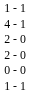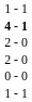 <table cellspacing=1 width=85%>
 <tr>
 <th width=15%></th>
 <th width=25%></th>
 <th width=10%></th>
 <th width=25%></th>
 <th width=25%></th>
 </tr>
 <tr>
 <td></td>
 <td align=right></td>
 <td align=center>1 - 1</td>
 <td></td>
 </tr>
 <tr>
 <td></td>
 <td align=right></td>
-<td align=center>4 - 1</td>
+<td align=center><strong>4 - 1</strong></td>
 <td></td>
 </tr>
 <tr>
 <td></td>
 <td align=right></td>
 <td align=center>2 - 0</td>
 <td></td>
 </tr>
 <tr>
 <td></td>
 <td align=right></td>
 <td align=center>2 - 0</td>
 <td></td>
 </tr>
 <tr>
 <td></td>
 <td align=right></td>
 <td align=center>0 - 0</td>
 <td></td>
 </tr>
 <tr>
 <td></td>
 <td align=right></td>
 <td align=center>1 - 1</td>
 <td></td>
 </tr>
 </table>
